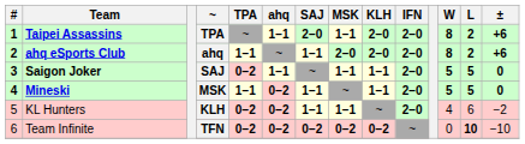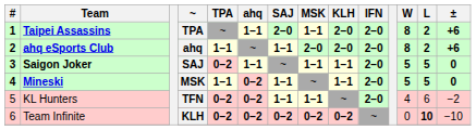 <table class="wikitable" style="font-size: 95%; text-align: center">
 <tr>
 <th width="15">#</th>
 <th style="width:200px;">Team</th>
 <th rowspan="10" style="width:5px;;"></th>
 <th>~</th>
 <th style="width:35px;" title="">TPA</th>
 <th style="width:35px;" title="">ahq</th>
 <th style="width:35px;" title="">SAJ</th>
 <th style="width:35px;" title="">MSK</th>
 <th style="width:35px;" title="">KLH</th>
 <th style="width:35px;" title="">IFN</th>
 <th rowspan="10" style="width:5px;;"></th>
 <th style="width:20px;" title="Wins">W</th>
 <th style="width:20px;" title="Losses">L</th>
 <th style="width:40px;">±</th>
 </tr>
 <tr style="background:#cfc;">
 <td><strong>1</strong></td>
 <td style="text-align: left"> <strong><a href='#'>Taipei Assassins</a></strong></td>
 <th>TPA</th>
 <td style="background-color:#aaaaaa">~</td>
 <td style="background-color:#ffd;"><strong>1−1</strong></td>
 <td style="background-color:#ccffcc"><strong>2−0</strong></td>
 <td style="background-color:#ffd;"><strong>1−1</strong></td>
 <td style="background-color:#ccffcc"><strong>2−0</strong></td>
 <td style="background-color:#ccffcc"><strong>2−0</strong></td>
 <td><strong>8</strong></td>
 <td><strong>2</strong></td>
 <td><strong>+6</strong></td>
 </tr>
 <tr style="background:#cfc;">
 <td><strong>2</strong></td>
 <td style="text-align: left"> <strong><a href='#'>ahq eSports Club</a></strong></td>
 <th>ahq</th>
 <td style="background-color:#ffd;"><strong>1−1</strong></td>
 <td style="background-color:#aaaaaa">~</td>
 <td style="background-color:#ffd;"><strong>1−1</strong></td>
 <td style="background-color:#ccffcc"><strong>2−0</strong></td>
 <td style="background-color:#ccffcc"><strong>2−0</strong></td>
 <td style="background-color:#ccffcc"><strong>2−0</strong></td>
 <td><strong>8</strong></td>
 <td><strong>2</strong></td>
 <td><strong>+6</strong></td>
 </tr>
 <tr style="background:#cfc;">
 <td><strong>3</strong></td>
 <td style="text-align: left"> <strong>Saigon Joker</strong></td>
 <th>SAJ</th>
 <td style="background-color:#ffcccc"><strong>0−2</strong></td>
 <td style="background-color:#ffd;"><strong>1−1</strong></td>
 <td style="background-color:#aaaaaa">~</td>
 <td style="background-color:#ffd;"><strong>1−1</strong></td>
 <td style="background-color:#ffd;"><strong>1−1</strong></td>
 <td style="background-color:#ccffcc"><strong>2−0</strong></td>
 <td><strong>5</strong></td>
 <td><strong>5</strong></td>
 <td><strong>0</strong></td>
 </tr>
 <tr style="background:#cfc;">
 <td><strong>4</strong></td>
 <td style="text-align: left"> <strong><a href='#'>Mineski</a></strong></td>
 <th>MSK</th>
 <td style="background-color:#ffd;"><strong>1−1</strong></td>
 <td style="background-color:#ffcccc"><strong>0−2</strong></td>
 <td style="background-color:#ffd;"><strong>1−1</strong></td>
 <td style="background-color:#aaaaaa">~</td>
 <td style="background-color:#ffd;"><strong>1−1</strong></td>
 <td style="background-color:#ccffcc"><strong>2−0</strong></td>
 <td><strong>5</strong></td>
 <td><strong>5</strong></td>
 <td><strong>0</strong></td>
 </tr>
 <tr style="background-color:#ffcccc">
 <td>5</td>
 <td style="text-align: left"> ⁠KL Hunters</td>
-<th>KLH</th>
+<th>TFN</th>
 <td style="background-color:#ffcccc"><strong>0−2</strong></td>
 <td style="background-color:#ffcccc"><strong>0−2</strong></td>
 <td style="background-color:#ffd;"><strong>1−1</strong></td>
 <td style="background-color:#ffd;"><strong>1−1</strong></td>
 <td style="background-color:#aaaaaa">~</td>
 <td style="background-color:#ccffcc"><strong>2−0</strong></td>
 <td>4</td>
 <td>6</td>
 <td>−2</td>
 </tr>
 <tr style="background-color:#ffcccc">
 <td>6</td>
 <td style="text-align: left"> ⁠⁠Team Infinite</td>
-<th>TFN</th>
+<th>KLH</th>
 <td style="background-color:#ffcccc"><strong>0−2</strong></td>
 <td style="background-color:#ffcccc"><strong>0−2</strong></td>
 <td style="background-color:#ffcccc"><strong>0−2</strong></td>
 <td style="background-color:#ffcccc"><strong>0−2</strong></td>
 <td style="background-color:#ffcccc"><strong>0−2</strong></td>
 <td style="background-color:#aaaaaa">~</td>
 <td>0</td>
 <td><strong>10</strong></td>
 <td>−10</td>
 </tr>
 <tr>
 </tr>
 </table>
